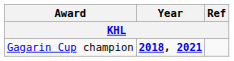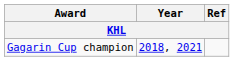 <table class="wikitable">
 <tr>
 <th>Award</th>
 <th>Year</th>
 <th>Ref</th>
 </tr>
 <tr>
 <th colspan="3"><a href='#'>KHL</a></th>
 </tr>
 <tr>
 <td><a href='#'>Gagarin Cup</a> champion</td>
-<td><strong><a href='#'>2018</a>, <a href='#'>2021</a></strong></td>
+<td><a href='#'>2018</a>, <a href='#'>2021</a></td>
 <td></td>
 </tr>
 </table>
